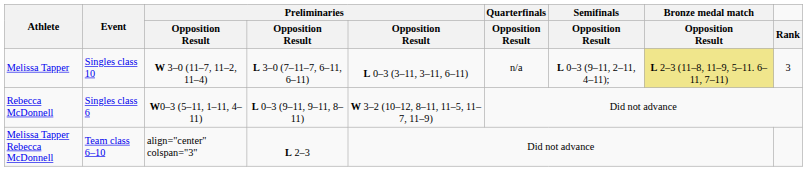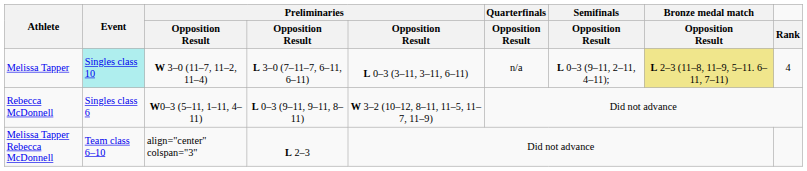 <table class=wikitable>
 <tr>
 <th rowspan="2">Athlete</th>
 <th rowspan="2">Event</th>
 <th colspan="3">Preliminaries</th>
 <th>Quarterfinals</th>
 <th>Semifinals</th>
 <th>Bronze medal match</th>
 </tr>
 <tr>
 <th>Opposition<br>Result</th>
 <th>Opposition<br>Result</th>
 <th>Opposition<br>Result</th>
 <th>Opposition<br>Result</th>
 <th>Opposition<br>Result</th>
 <th>Opposition<br>Result</th>
 <th>Rank</th>
 </tr>
 <tr>
 <td><a href='#'>Melissa Tapper</a></td>
-<td><a href='#'>Singles class 10</a></td>
+<td style="background: paleturquoise;"><a href='#'>Singles class 10</a></td>
 <td align="center"><br><strong>W</strong> 3–0 (11–7, 11–2, 11–4)</td>
 <td align="center"><br><strong>L</strong> 3–0 (7–11–7, 6–11, 6–11)</td>
 <td align="center"><br><strong>L</strong>  0–3 (3–11, 3–11, 6–11)</td>
 <td align="center">n/a</td>
 <td align="center"><br><strong>L</strong> 0–3 (9–11, 2–11, 4–11);</td>
 <td align="center" style="background: khaki;"><br><strong>L</strong> 2–3 (11–8, 11–9, 5–11. 6–11, 7–11)</td>
-<td align="center">3</td>
+<td align="center">4</td>
 </tr>
 <tr>
 <td><a href='#'>Rebecca McDonnell</a></td>
 <td><a href='#'>Singles class 6</a></td>
 <td align="center"><br><strong>W</strong>0–3 (5–11, 1–11, 4–11)</td>
 <td align="center"><br><strong>L</strong>  0–3 (9–11, 9–11, 8–11)</td>
 <td align="center"><br><strong>W</strong> 3–2 (10–12, 8–11, 11–5, 11–7, 11–9)</td>
 <td align="center" colspan=4>Did not advance</td>
 </tr>
 <tr>
 <td><a href='#'>Melissa Tapper</a><br><a href='#'>Rebecca McDonnell</a></td>
 <td><a href='#'>Team class 6–10</a></td>
 <td>align="center" colspan="3" </td>
 <td align="center"><br><strong>L</strong> 2–3</td>
 <td align="center" colspan=4>Did not advance</td>
 </tr>
 </table>
